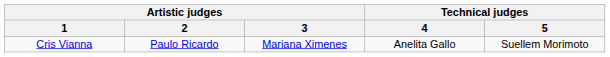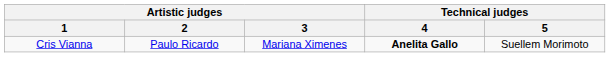 <table class="wikitable" style="font-size:100%; line-height:16px; text-align:center" width="100%">
 <tr>
 <th colspan=3>Artistic judges</th>
 <th colspan=2>Technical judges</th>
 </tr>
 <tr>
 <th width="20.0%">1</th>
 <th width="20.0%">2</th>
 <th width="20.0%">3</th>
 <th width="20.0%">4</th>
 <th width="20.0%">5</th>
 </tr>
 <tr>
 <td><a href='#'>Cris Vianna</a></td>
 <td><a href='#'>Paulo Ricardo</a></td>
 <td><a href='#'>Mariana Ximenes</a></td>
-<td>Anelita Gallo</td>
+<td><strong>Anelita Gallo</strong></td>
 <td>Suellem Morimoto</td>
 </tr>
 </table>
